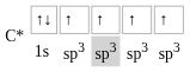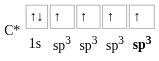 <table cellpadding=4px>
 <tr>
 <td rowspan=2>C*</td>
 <td style="border: 1px solid darkgray;">↑↓</td>
 <td style="border: 1px solid darkgray;">↑</td>
 <td style="border: 1px solid darkgray;">↑</td>
 <td style="border: 1px solid darkgray;">↑</td>
 <td style="border: 1px solid darkgray;">↑</td>
 </tr>
 <tr>
 <td>1s</td>
 <td>sp<sup>3</sup></td>
-<td style="background: lightgrey;">sp<sup>3</sup></td>
 <td>sp<sup>3</sup></td>
 <td>sp<sup>3</sup></td>
+<td><strong>sp<sup>3</sup></strong></td>
 </tr>
 </table>
